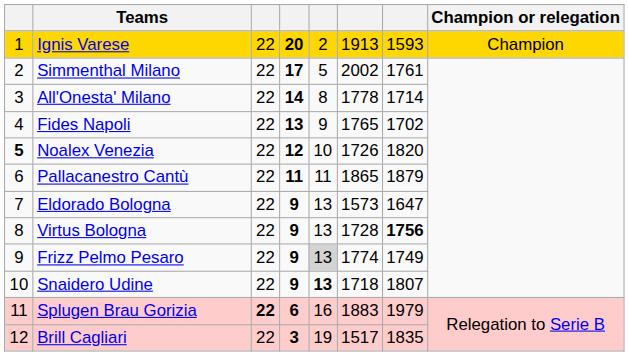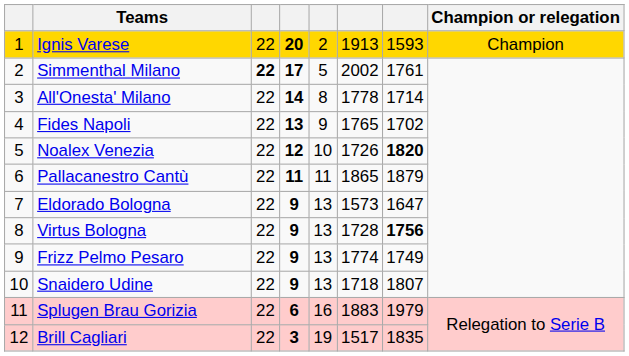 <table class="wikitable" style="text-align: center;">
 <tr>
 <th width=20></th>
 <th width=200>Teams</th>
 <th width=20></th>
 <th width=20></th>
 <th width=20></th>
 <th width=35></th>
 <th width=35></th>
 <th>Champion or relegation</th>
 </tr>
 <tr bgcolor=gold>
 <td>1</td>
 <td align="left"><a href='#'>Ignis Varese</a></td>
 <td>22</td>
 <td><strong>20</strong></td>
 <td>2</td>
 <td>1913</td>
 <td>1593</td>
 <td align="center">Champion</td>
 </tr>
 <tr>
 <td>2</td>
 <td align="left"><a href='#'>Simmenthal Milano</a></td>
-<td>22</td>
+<td><strong>22</strong></td>
 <td><strong>17</strong></td>
 <td>5</td>
 <td>2002</td>
 <td>1761</td>
 </tr>
 <tr>
 <td>3</td>
 <td align="left"><a href='#'>All'Onesta' Milano</a></td>
 <td>22</td>
 <td><strong>14</strong></td>
 <td>8</td>
 <td>1778</td>
 <td>1714</td>
 </tr>
 <tr>
 <td>4</td>
 <td align="left"><a href='#'>Fides Napoli</a></td>
 <td>22</td>
 <td><strong>13</strong></td>
 <td>9</td>
 <td>1765</td>
 <td>1702</td>
 </tr>
 <tr>
-<td><strong>5</strong></td>
+<td>5</td>
 <td align="left"><a href='#'>Noalex Venezia</a></td>
 <td>22</td>
 <td><strong>12</strong></td>
 <td>10</td>
 <td>1726</td>
-<td>1820</td>
+<td><strong>1820</strong></td>
 </tr>
 <tr>
 <td>6</td>
 <td align="left"><a href='#'>Pallacanestro Cantù</a></td>
 <td>22</td>
 <td><strong>11</strong></td>
 <td>11</td>
 <td>1865</td>
 <td>1879</td>
 </tr>
 <tr>
 <td>7</td>
 <td align="left"><a href='#'>Eldorado Bologna</a></td>
 <td>22</td>
 <td><strong>9</strong></td>
 <td>13</td>
 <td>1573</td>
 <td>1647</td>
 </tr>
 <tr>
 <td>8</td>
 <td align="left"><a href='#'>Virtus Bologna</a></td>
 <td>22</td>
 <td><strong>9</strong></td>
 <td>13</td>
 <td>1728</td>
 <td><strong>1756</strong></td>
 </tr>
 <tr>
 <td>9</td>
 <td align="left"><a href='#'>Frizz Pelmo Pesaro</a></td>
 <td>22</td>
 <td><strong>9</strong></td>
-<td style="background: lightgrey;">13</td>
+<td>13</td>
 <td>1774</td>
 <td>1749</td>
 </tr>
 <tr>
 <td>10</td>
 <td align="left"><a href='#'>Snaidero Udine</a></td>
 <td>22</td>
 <td><strong>9</strong></td>
-<td><strong>13</strong></td>
+<td>13</td>
 <td>1718</td>
 <td>1807</td>
 </tr>
 <tr bgcolor=FFCCCC>
 <td>11</td>
 <td align="left"><a href='#'>Splugen Brau Gorizia</a></td>
-<td><strong>22</strong></td>
+<td>22</td>
 <td><strong>6</strong></td>
 <td>16</td>
 <td>1883</td>
 <td>1979</td>
 <td rowspan=2 align="center">Relegation to <a href='#'>Serie B</a></td>
 </tr>
 <tr bgcolor=FFCCCC>
 <td>12</td>
 <td align="left"><a href='#'>Brill Cagliari</a></td>
 <td>22</td>
 <td><strong>3</strong></td>
 <td>19</td>
 <td>1517</td>
 <td>1835</td>
 </tr>
 </table>
